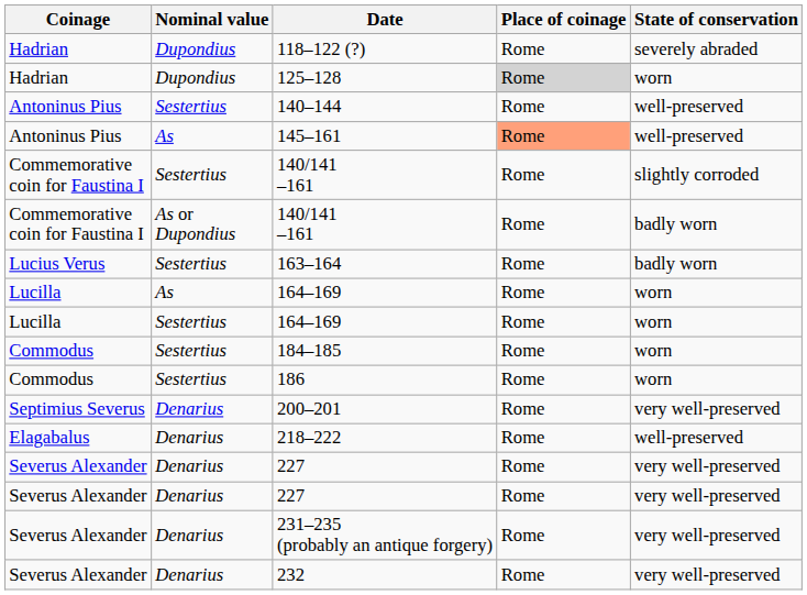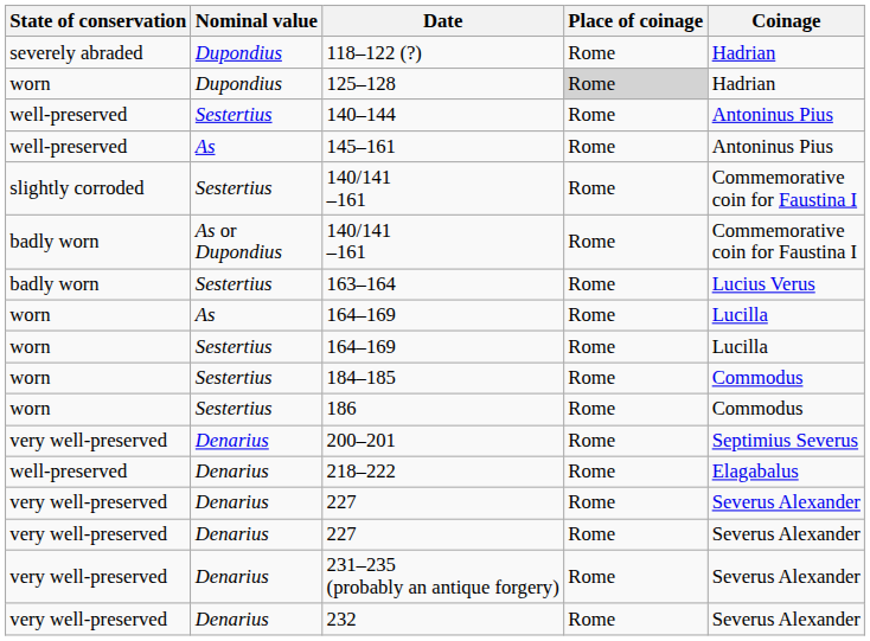 <table class="wikitable">
 <tr>
-<th>Coinage</th>
+<th>State of conservation</th>
 <th>Nominal value</th>
 <th>Date</th>
 <th>Place of coinage</th>
-<th>State of conservation</th>
+<th>Coinage</th>
 </tr>
 <tr>
-<td><a href='#'>Hadrian</a></td>
+<td>severely abraded</td>
 <td><em><a href='#'>Dupondius</a></em></td>
 <td>118–122 (?)</td>
 <td>Rome</td>
-<td>severely abraded</td>
+<td><a href='#'>Hadrian</a></td>
 </tr>
 <tr>
-<td>Hadrian</td>
+<td>worn</td>
 <td><em>Dupondius</em></td>
 <td>125–128</td>
 <td style="background: lightgrey;">Rome</td>
-<td>worn</td>
+<td>Hadrian</td>
 </tr>
 <tr>
-<td><a href='#'>Antoninus Pius</a></td>
+<td>well-preserved</td>
 <td><em><a href='#'>Sestertius</a></em></td>
 <td>140–144</td>
 <td>Rome</td>
-<td>well-preserved</td>
+<td><a href='#'>Antoninus Pius</a></td>
 </tr>
 <tr>
-<td>Antoninus Pius</td>
+<td>well-preserved</td>
 <td><em><a href='#'>As</a></em></td>
 <td>145–161</td>
-<td style="background: lightsalmon;">Rome</td>
-<td>well-preserved</td>
+<td>Rome</td>
+<td>Antoninus Pius</td>
 </tr>
 <tr>
-<td>Commemorative<br>coin for <a href='#'>Faustina I</a></td>
+<td>slightly corroded</td>
 <td><em>Sestertius</em></td>
 <td>140/141<br>–161</td>
 <td>Rome</td>
-<td>slightly corroded</td>
+<td>Commemorative<br>coin for <a href='#'>Faustina I</a></td>
 </tr>
 <tr>
-<td>Commemorative<br>coin for Faustina I</td>
+<td>badly worn</td>
 <td><em>As</em> or<br><em>Dupondius</em></td>
 <td>140/141<br>–161</td>
 <td>Rome</td>
-<td>badly worn</td>
+<td>Commemorative<br>coin for Faustina I</td>
 </tr>
 <tr>
-<td><a href='#'>Lucius Verus</a></td>
+<td>badly worn</td>
 <td><em>Sestertius</em></td>
 <td>163–164</td>
 <td>Rome</td>
-<td>badly worn</td>
+<td><a href='#'>Lucius Verus</a></td>
 </tr>
 <tr>
-<td><a href='#'>Lucilla</a></td>
+<td>worn</td>
 <td><em>As</em></td>
 <td>164–169</td>
 <td>Rome</td>
-<td>worn</td>
+<td><a href='#'>Lucilla</a></td>
 </tr>
 <tr>
-<td>Lucilla</td>
+<td>worn</td>
 <td><em>Sestertius</em></td>
 <td>164–169</td>
 <td>Rome</td>
-<td>worn</td>
+<td>Lucilla</td>
 </tr>
 <tr>
-<td><a href='#'>Commodus</a></td>
+<td>worn</td>
 <td><em>Sestertius</em></td>
 <td>184–185</td>
 <td>Rome</td>
-<td>worn</td>
+<td><a href='#'>Commodus</a></td>
 </tr>
 <tr>
-<td>Commodus</td>
+<td>worn</td>
 <td><em>Sestertius</em></td>
 <td>186</td>
 <td>Rome</td>
-<td>worn</td>
+<td>Commodus</td>
 </tr>
 <tr>
-<td><a href='#'>Septimius Severus</a></td>
+<td>very well-preserved</td>
 <td><em><a href='#'>Denarius</a></em></td>
 <td>200–201</td>
 <td>Rome</td>
-<td>very well-preserved</td>
+<td><a href='#'>Septimius Severus</a></td>
 </tr>
 <tr>
-<td><a href='#'>Elagabalus</a></td>
+<td>well-preserved</td>
 <td><em>Denarius</em></td>
 <td>218–222</td>
 <td>Rome</td>
-<td>well-preserved</td>
+<td><a href='#'>Elagabalus</a></td>
 </tr>
 <tr>
-<td><a href='#'>Severus Alexander</a></td>
+<td>very well-preserved</td>
 <td><em>Denarius</em></td>
 <td>227</td>
 <td>Rome</td>
-<td>very well-preserved</td>
+<td><a href='#'>Severus Alexander</a></td>
 </tr>
 <tr>
-<td>Severus Alexander</td>
+<td>very well-preserved</td>
 <td><em>Denarius</em></td>
 <td>227</td>
 <td>Rome</td>
-<td>very well-preserved</td>
+<td>Severus Alexander</td>
 </tr>
 <tr>
-<td>Severus Alexander</td>
+<td>very well-preserved</td>
 <td><em>Denarius</em></td>
 <td>231–235<br>(probably an  antique forgery)</td>
 <td>Rome</td>
-<td>very well-preserved</td>
+<td>Severus Alexander</td>
 </tr>
 <tr>
-<td>Severus Alexander</td>
+<td>very well-preserved</td>
 <td><em>Denarius</em></td>
 <td>232</td>
 <td>Rome</td>
-<td>very well-preserved</td>
+<td>Severus Alexander</td>
 </tr>
 </table>
